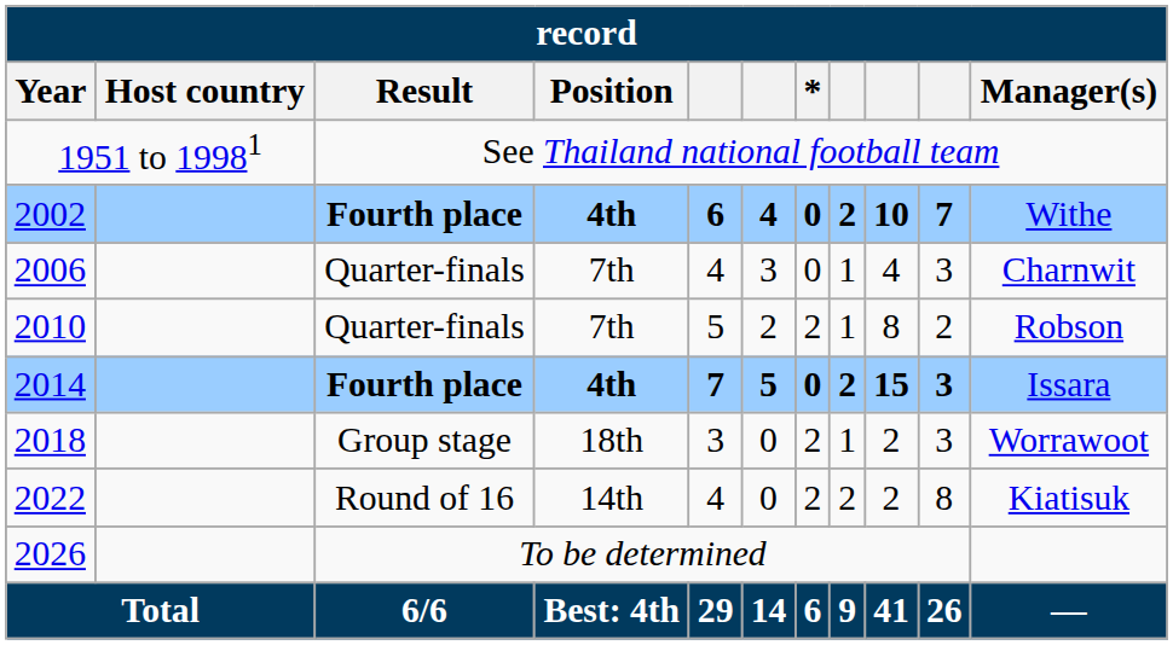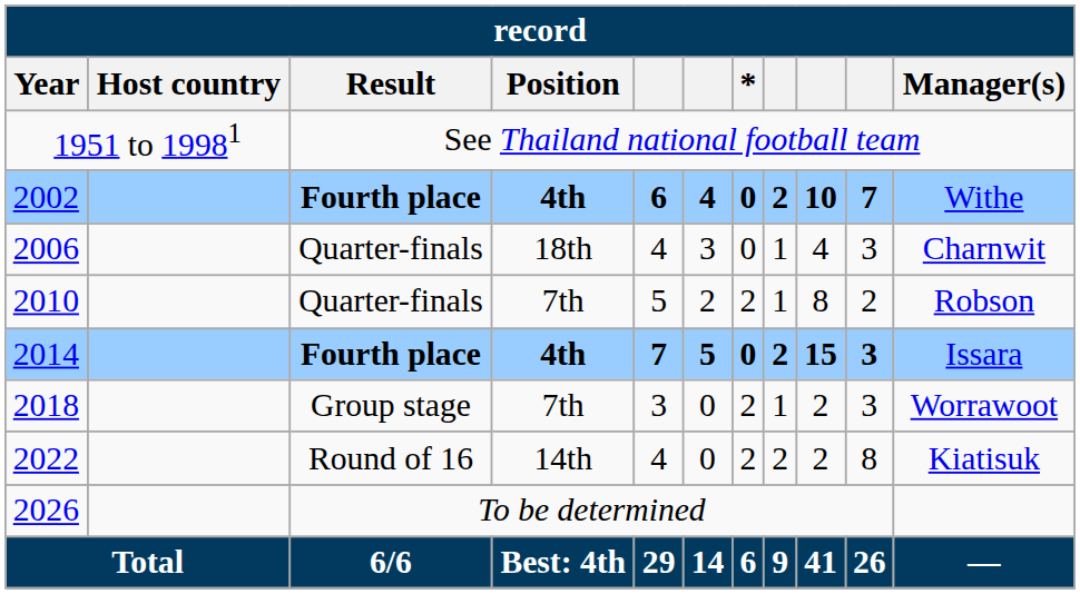 <table class="wikitable" style="text-align: center; width: 520px">
 <tr>
 <th colspan="11" style="background: #013A5E; color: #FFFFFF;"><a href='#'></a> record</th>
 </tr>
 <tr>
 <th>Year</th>
 <th>Host country</th>
 <th>Result</th>
 <th>Position</th>
 <th></th>
 <th></th>
 <th>*</th>
 <th></th>
 <th></th>
 <th></th>
 <th>Manager(s)</th>
 </tr>
 <tr>
 <td colspan="2"><a href='#'>1951</a> to <a href='#'>1998</a><sup>1</sup></td>
 <td colspan="9" style="text-align:center">See <em><a href='#'>Thailand national football team</a></em></td>
 </tr>
 <tr style="background:#9acdff">
 <td style="text-align: left;"><a href='#'>2002</a></td>
 <td style="text-align: left;"></td>
 <td><strong>Fourth place</strong></td>
 <td><strong>4th</strong></td>
 <td><strong>6</strong></td>
 <td><strong>4</strong></td>
 <td><strong>0</strong></td>
 <td><strong>2</strong></td>
 <td><strong>10</strong></td>
 <td><strong>7</strong></td>
 <td><a href='#'>Withe</a></td>
 </tr>
 <tr>
 <td style="text-align: left;"><a href='#'>2006</a></td>
 <td style="text-align: left;"></td>
 <td>Quarter-finals</td>
-<td>7th</td>
+<td>18th</td>
 <td>4</td>
 <td>3</td>
 <td>0</td>
 <td>1</td>
 <td>4</td>
 <td>3</td>
 <td><a href='#'>Charnwit</a></td>
 </tr>
 <tr>
 <td style="text-align: left;"><a href='#'>2010</a></td>
 <td style="text-align: left;"></td>
 <td>Quarter-finals</td>
 <td>7th</td>
 <td>5</td>
 <td>2</td>
 <td>2</td>
 <td>1</td>
 <td>8</td>
 <td>2</td>
 <td><a href='#'>Robson</a></td>
 </tr>
 <tr style="background:#9acdff">
 <td style="text-align: left;"><a href='#'>2014</a></td>
 <td style="text-align: left;"></td>
 <td><strong>Fourth place</strong></td>
 <td><strong>4th</strong></td>
 <td><strong>7</strong></td>
 <td><strong>5</strong></td>
 <td><strong>0</strong></td>
 <td><strong>2</strong></td>
 <td><strong>15</strong></td>
 <td><strong>3</strong></td>
 <td><a href='#'>Issara</a></td>
 </tr>
 <tr>
 <td style="text-align: left;"><a href='#'>2018</a></td>
 <td style="text-align: left;"></td>
 <td>Group stage</td>
-<td>18th</td>
+<td>7th</td>
 <td>3</td>
 <td>0</td>
 <td>2</td>
 <td>1</td>
 <td>2</td>
 <td>3</td>
 <td><a href='#'>Worrawoot</a></td>
 </tr>
 <tr>
 <td style="text-align: left"><a href='#'>2022</a></td>
 <td style="text-align: left"></td>
 <td>Round of 16</td>
 <td>14th</td>
 <td>4</td>
 <td>0</td>
 <td>2</td>
 <td>2</td>
 <td>2</td>
 <td>8</td>
 <td><a href='#'>Kiatisuk</a></td>
 </tr>
 <tr>
 <td style="text-align: left"><a href='#'>2026</a></td>
 <td style="text-align: left"></td>
 <td colspan=8><em>To be determined</em></td>
 </tr>
 <tr style="background: #013A5E; color: #FFFFFF;">
 <td colspan="2"><strong>Total</strong></td>
 <td><strong>6/6</strong></td>
 <td><strong>Best: 4th</strong></td>
 <td><strong>29</strong></td>
 <td><strong>14</strong></td>
 <td><strong>6</strong></td>
 <td><strong>9</strong></td>
 <td><strong>41</strong></td>
 <td><strong>26</strong></td>
 <td><strong>—</strong></td>
 </tr>
 </table>
